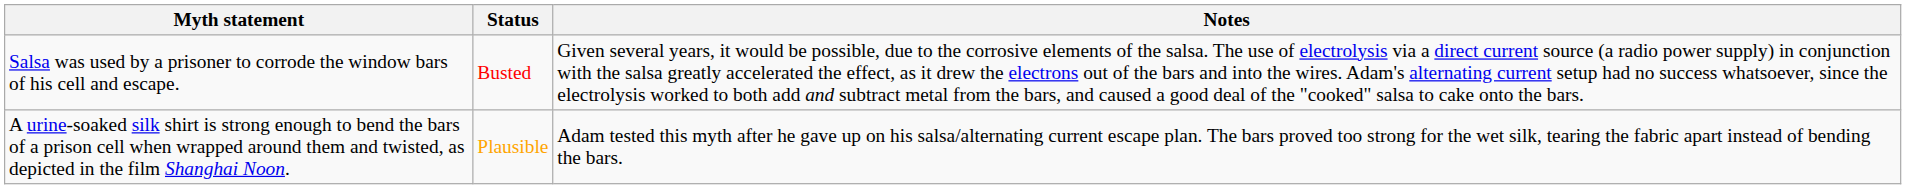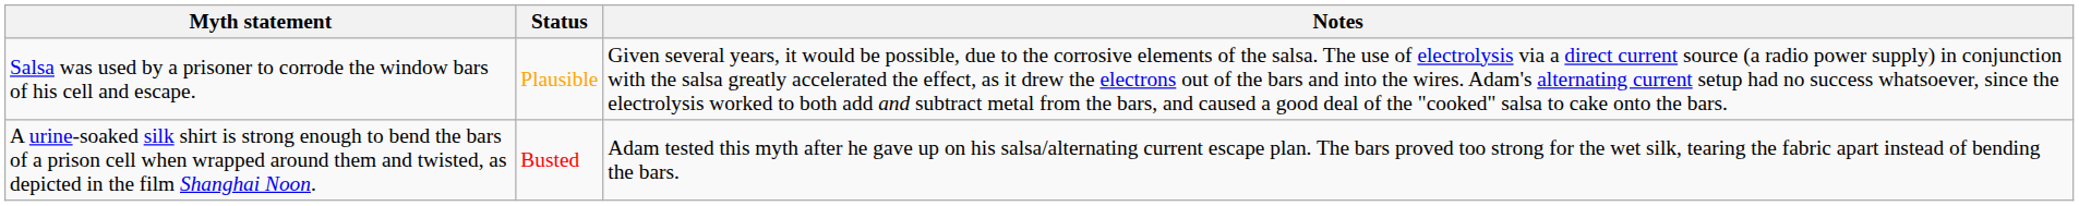 <table class="wikitable plainrowheaders">
 <tr>
 <th>Myth statement</th>
 <th>Status</th>
 <th>Notes</th>
 </tr>
 <tr>
 <td><a href='#'>Salsa</a> was used by a prisoner to corrode the window bars of his cell and escape.</td>
-<td style="color:red">Busted</td>
+<td style="color:orange">Plausible</td>
 <td>Given several years, it would be possible, due to the corrosive elements of the salsa. The use of <a href='#'>electrolysis</a> via a <a href='#'>direct current</a> source (a radio power supply) in conjunction with the salsa greatly accelerated the effect, as it drew the <a href='#'>electrons</a> out of the bars and into the wires. Adam's <a href='#'>alternating current</a> setup had no success whatsoever, since the electrolysis worked to both add <em>and</em> subtract metal from the bars, and caused a good deal of the "cooked" salsa to cake onto the bars.</td>
 </tr>
 <tr>
 <td>A <a href='#'>urine</a>-soaked <a href='#'>silk</a> shirt is strong enough to bend the bars of a prison cell when wrapped around them and twisted, as depicted in the film <em><a href='#'>Shanghai Noon</a></em>.</td>
-<td style="color:orange">Plausible</td>
+<td style="color:red">Busted</td>
 <td>Adam tested this myth after he gave up on his salsa/alternating current escape plan. The bars proved too strong for the wet silk, tearing the fabric apart instead of bending the bars.</td>
 </tr>
 </table>
